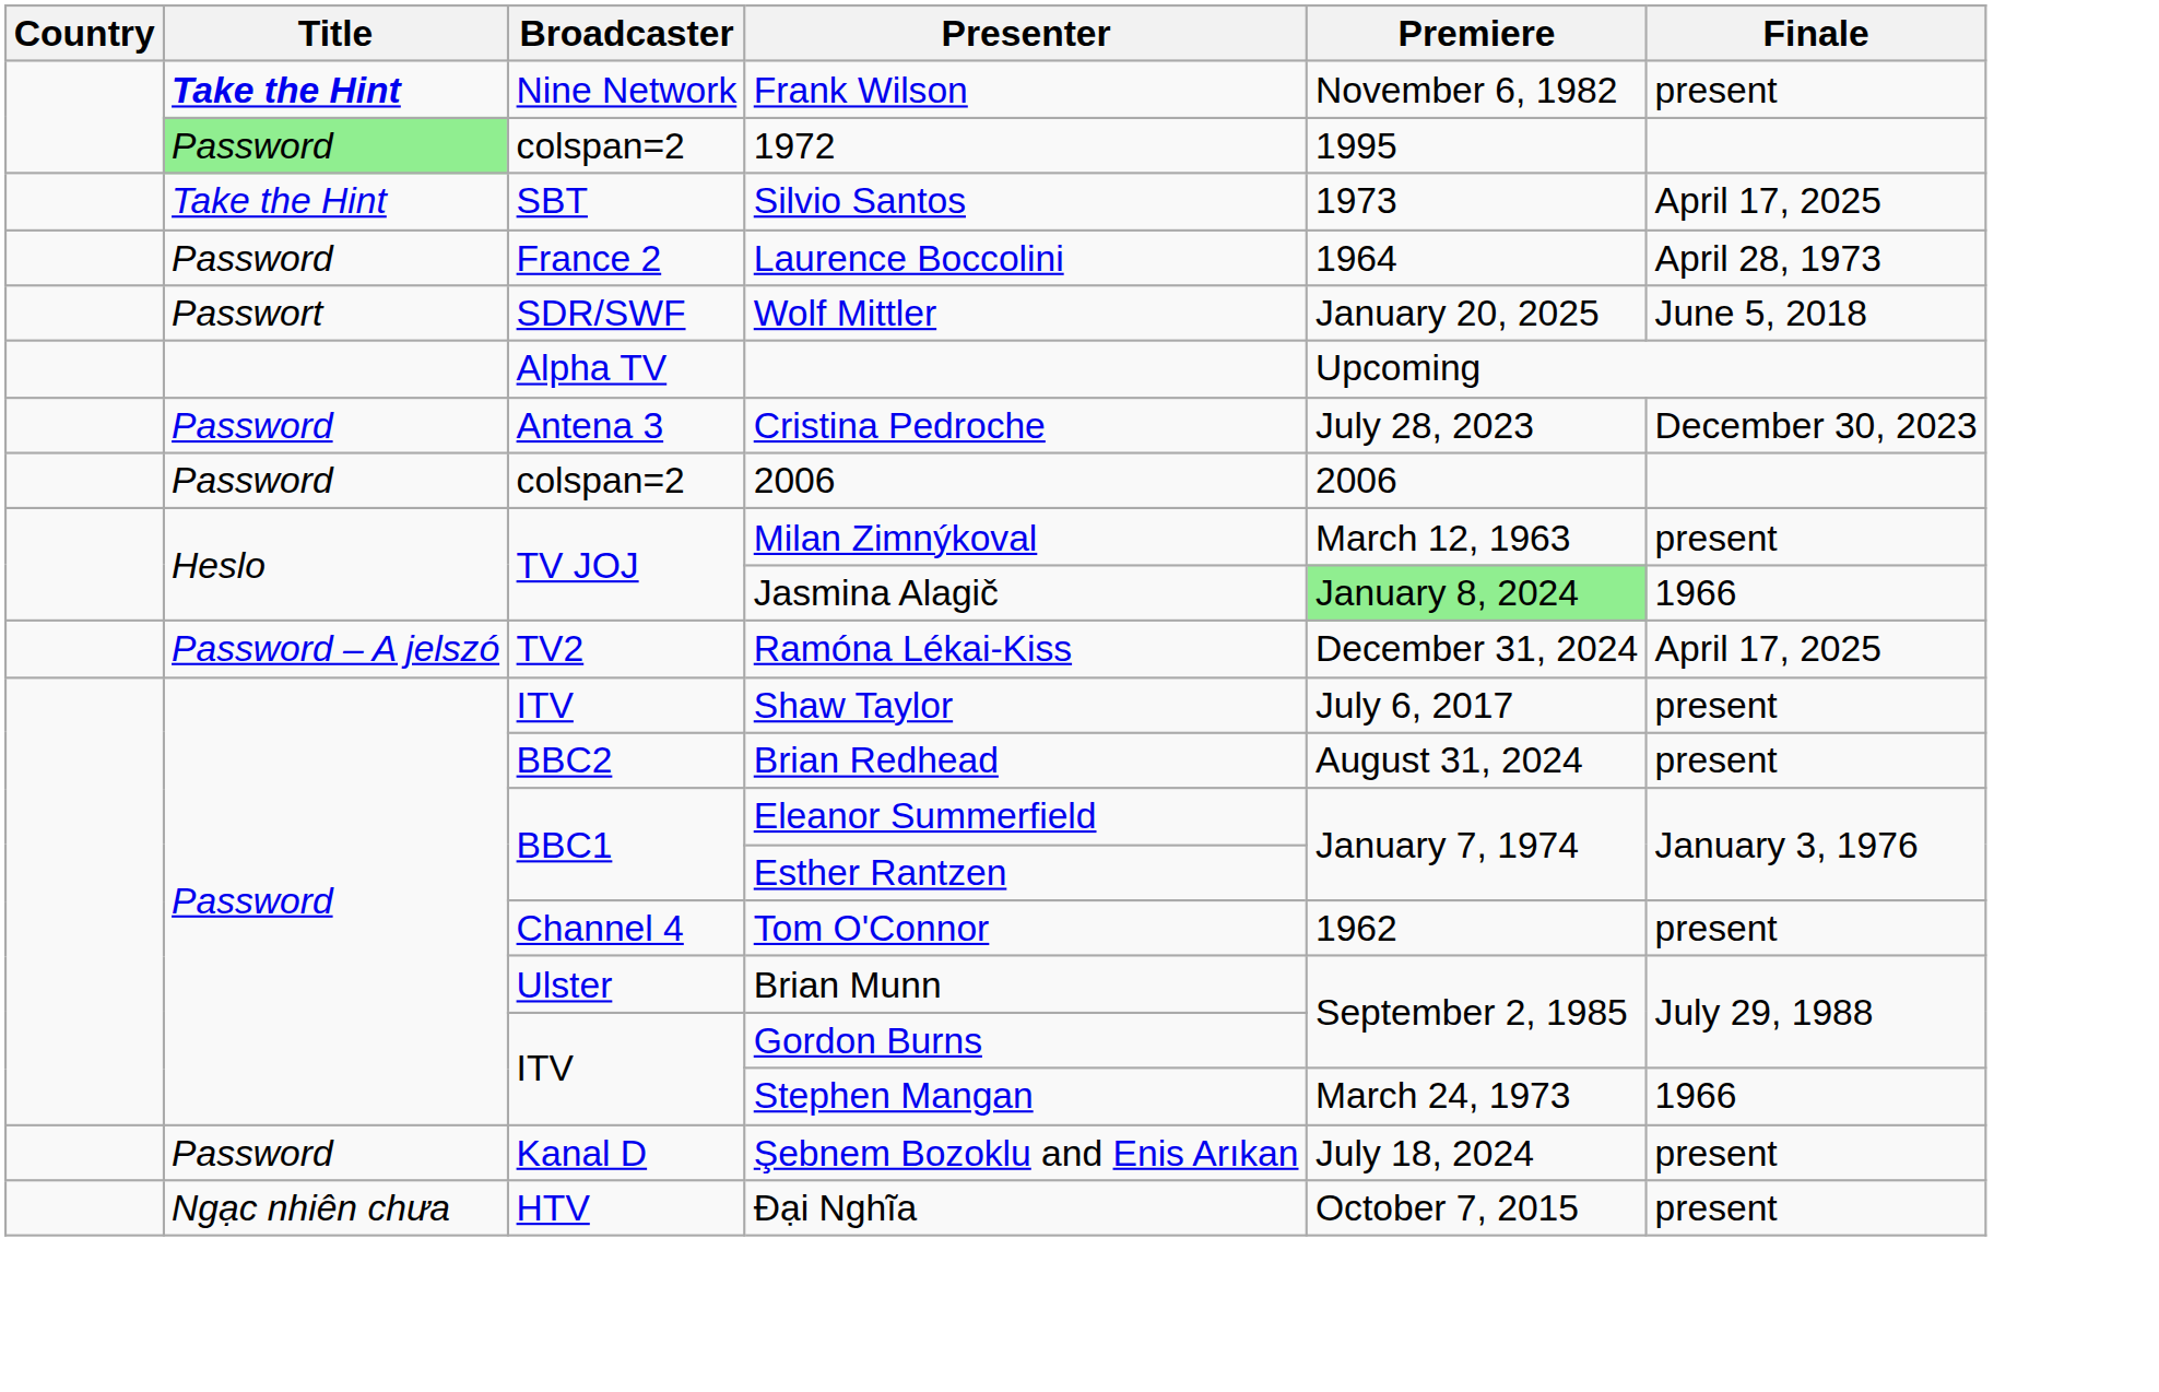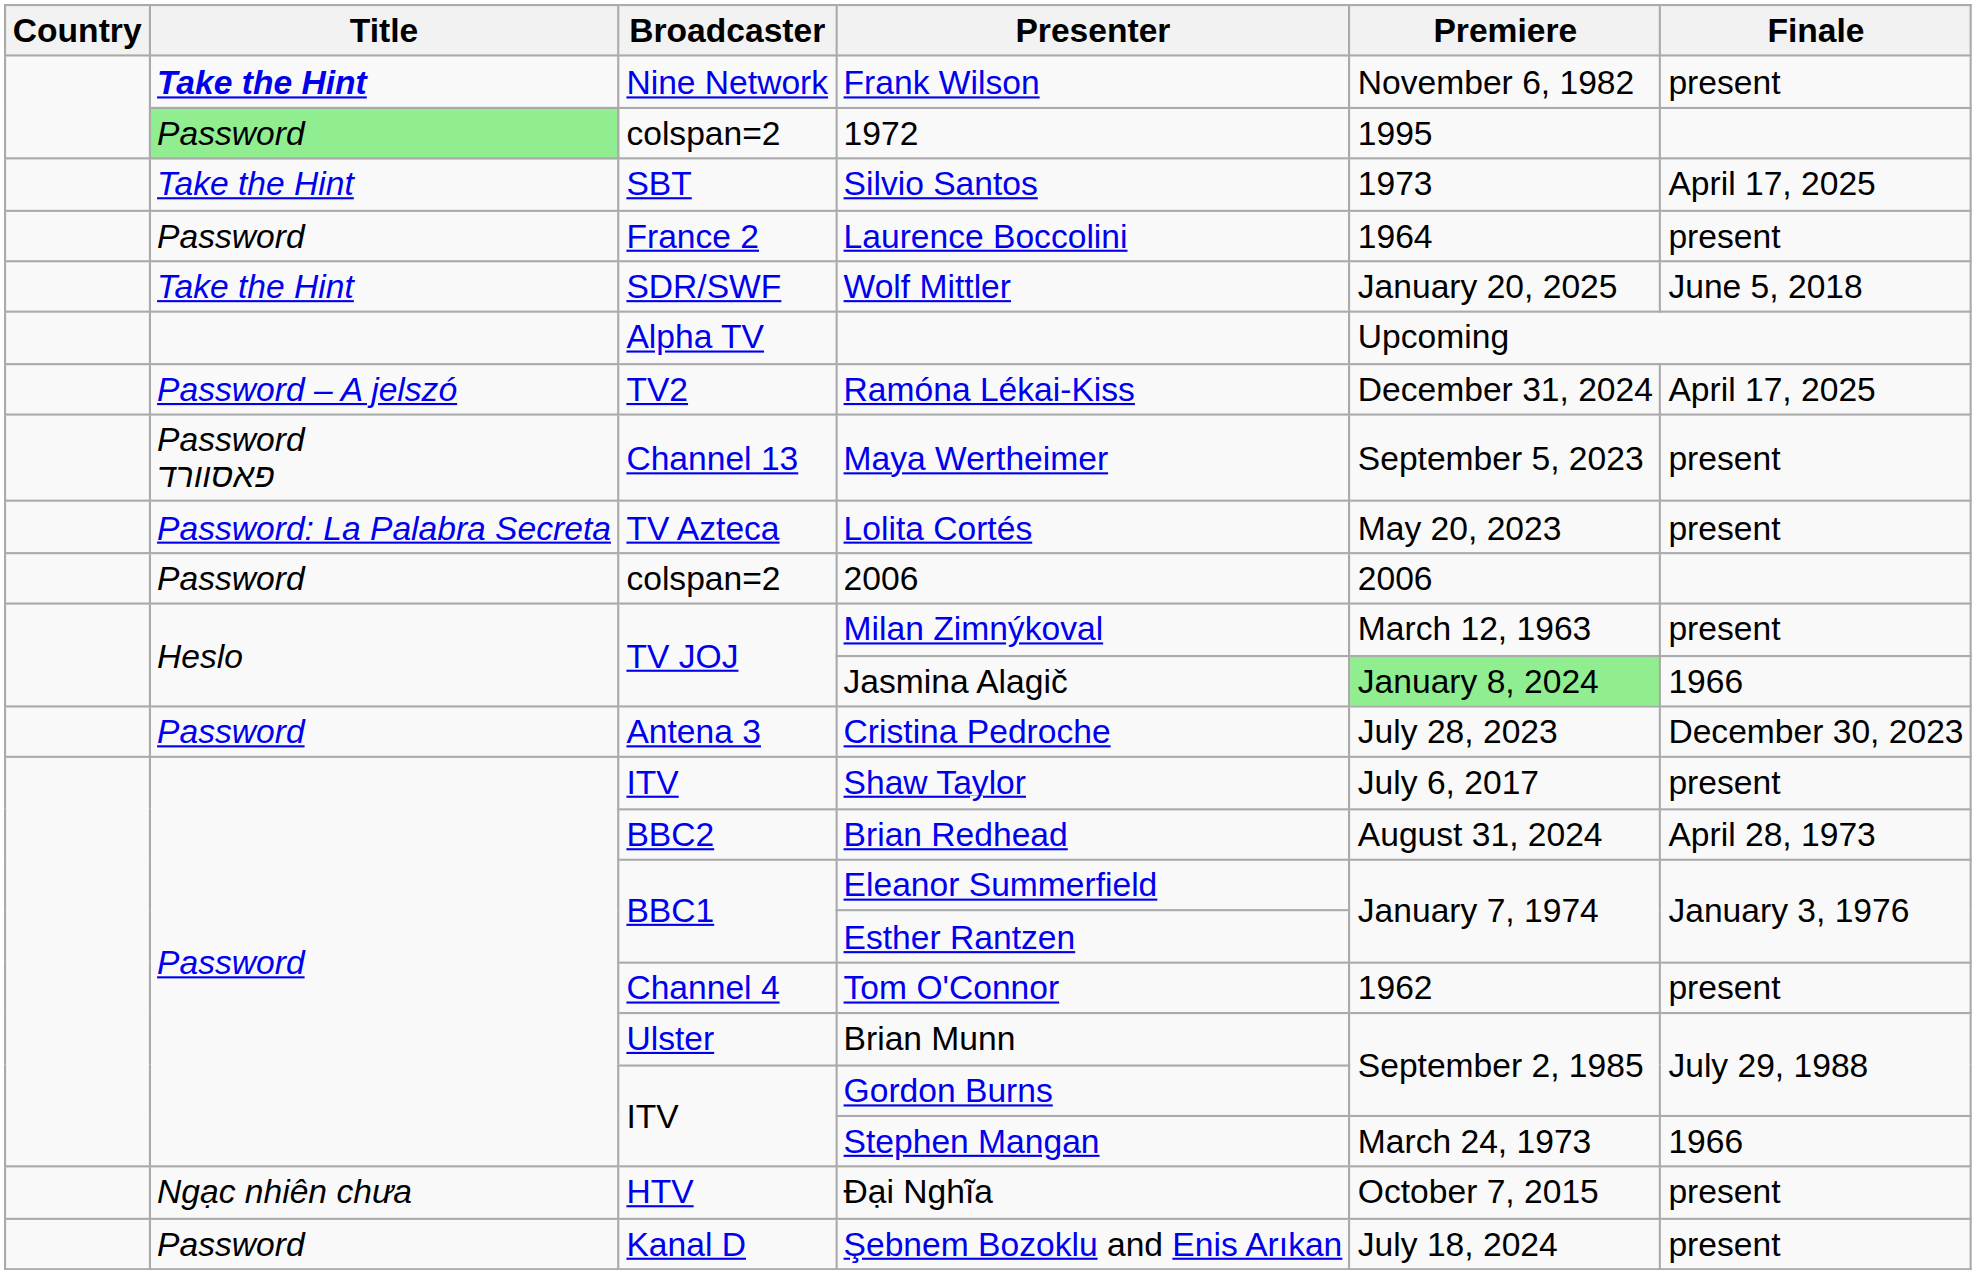 <table class="wikitable" style="text-align:left; line-height:17px;">
 <tr>
 <th>Country</th>
 <th>Title</th>
 <th>Broadcaster</th>
 <th>Presenter</th>
 <th>Premiere</th>
 <th>Finale</th>
 </tr>
 <tr>
 <td rowspan="2"></td>
 <td><strong><em><a href='#'>Take the Hint</a></em></strong></td>
 <td><a href='#'>Nine Network</a></td>
 <td><a href='#'>Frank Wilson</a></td>
 <td>November 6, 1982</td>
 <td>present</td>
 </tr>
 <tr>
 <td style="background: lightgreen;"><em>Password</em></td>
 <td>colspan=2 </td>
 <td>1972</td>
 <td>1995</td>
 </tr>
 <tr>
 <td></td>
 <td><em><a href='#'>Take the Hint</a></em></td>
 <td><a href='#'>SBT</a></td>
 <td><a href='#'>Silvio Santos</a></td>
 <td>1973</td>
 <td>April 17, 2025</td>
 </tr>
 <tr>
 <td></td>
 <td><em>Password</em></td>
 <td><a href='#'>France 2</a></td>
 <td><a href='#'>Laurence Boccolini</a></td>
 <td>1964</td>
-<td>April 28, 1973</td>
+<td>present</td>
 </tr>
 <tr>
 <td></td>
-<td><em>Passwort</em></td>
+<td><em><a href='#'>Take the Hint</a></em></td>
 <td><a href='#'>SDR/SWF</a></td>
 <td><a href='#'>Wolf Mittler</a></td>
 <td>January 20, 2025</td>
 <td>June 5, 2018</td>
 </tr>
 <tr>
 <td></td>
 <td></td>
 <td><a href='#'>Alpha TV</a></td>
 <td></td>
 <td colspan="2">Upcoming</td>
 </tr>
 <tr>
 <td></td>
-<td><em><a href='#'>Password</a></em></td>
-<td><a href='#'>Antena 3</a></td>
-<td><a href='#'>Cristina Pedroche</a></td>
-<td>July 28, 2023</td>
-<td>December 30, 2023</td>
+<td><em><a href='#'>Password – A jelszó</a></em></td>
+<td><a href='#'>TV2</a></td>
+<td><a href='#'>Ramóna Lékai-Kiss</a></td>
+<td>December 31, 2024</td>
+<td>April 17, 2025</td>
+</tr>
+<tr>
+<td></td>
+<td><em>Password<br>פאסוורד</em></td>
+<td><a href='#'>Channel 13</a></td>
+<td><a href='#'>Maya Wertheimer</a></td>
+<td>September 5, 2023</td>
+<td>present</td>
+</tr>
+<tr>
+<td></td>
+<td><em><a href='#'>Password: La Palabra Secreta</a></em></td>
+<td><a href='#'>TV Azteca</a></td>
+<td><a href='#'>Lolita Cortés</a></td>
+<td>May 20, 2023</td>
+<td>present</td>
 </tr>
 <tr>
 <td></td>
 <td><em>Password</em></td>
 <td>colspan=2 </td>
 <td>2006</td>
 <td>2006</td>
 </tr>
 <tr>
 <td rowspan="2"></td>
 <td rowspan="2"><em>Heslo</em></td>
 <td rowspan="2"><a href='#'>TV JOJ</a></td>
 <td><a href='#'>Milan Zimnýkoval</a></td>
 <td>March 12, 1963</td>
 <td>present</td>
 </tr>
 <tr>
 <td>Jasmina Alagič</td>
 <td style="background: lightgreen;">January 8, 2024</td>
 <td>1966</td>
 </tr>
 <tr>
 <td></td>
-<td><em><a href='#'>Password – A jelszó</a></em></td>
-<td><a href='#'>TV2</a></td>
-<td><a href='#'>Ramóna Lékai-Kiss</a></td>
-<td>December 31, 2024</td>
-<td>April 17, 2025</td>
+<td><em><a href='#'>Password</a></em></td>
+<td><a href='#'>Antena 3</a></td>
+<td><a href='#'>Cristina Pedroche</a></td>
+<td>July 28, 2023</td>
+<td>December 30, 2023</td>
 </tr>
 <tr>
 <td rowspan="9"></td>
 <td rowspan="9"><em><a href='#'>Password</a></em></td>
 <td><a href='#'>ITV</a></td>
 <td><a href='#'>Shaw Taylor</a></td>
 <td>July 6, 2017</td>
 <td>present</td>
 </tr>
 <tr>
 <td><a href='#'>BBC2</a></td>
 <td><a href='#'>Brian Redhead</a></td>
 <td>August 31, 2024</td>
-<td>present</td>
+<td>April 28, 1973</td>
 </tr>
 <tr>
 <td rowspan="2"><a href='#'>BBC1</a></td>
 <td><a href='#'>Eleanor Summerfield</a></td>
 <td rowspan="2">January 7, 1974</td>
 <td rowspan="2">January 3, 1976</td>
 </tr>
 <tr>
 <td><a href='#'>Esther Rantzen</a></td>
 </tr>
 <tr>
 <td><a href='#'>Channel 4</a></td>
 <td><a href='#'>Tom O'Connor</a></td>
 <td>1962</td>
 <td>present</td>
 </tr>
 <tr>
 <td rowspan="2"><a href='#'>Ulster</a></td>
 <td>Brian Munn</td>
 <td rowspan="3">September 2, 1985</td>
 <td rowspan="3">July 29, 1988</td>
 </tr>
 <tr>
 <td rowspan="2"><a href='#'>Gordon Burns</a></td>
 </tr>
 <tr>
 <td rowspan="2">ITV</td>
 </tr>
 <tr>
 <td><a href='#'>Stephen Mangan</a></td>
 <td>March 24, 1973</td>
 <td>1966</td>
 </tr>
 <tr>
 <td></td>
+<td><em>Ngạc nhiên chưa</em></td>
+<td><a href='#'>HTV</a></td>
+<td>Đại Nghĩa</td>
+<td>October 7, 2015</td>
+<td>present</td>
+</tr>
+<tr>
+<td></td>
 <td><em>Password</em></td>
 <td><a href='#'>Kanal D</a></td>
 <td><a href='#'>Şebnem Bozoklu</a> and <a href='#'>Enis Arıkan</a></td>
 <td>July 18, 2024</td>
 <td>present</td>
 </tr>
-<tr>
-<td></td>
-<td><em>Ngạc nhiên chưa</em></td>
-<td><a href='#'>HTV</a></td>
-<td>Đại Nghĩa</td>
-<td>October 7, 2015</td>
-<td>present</td>
-</tr>
 </table>
